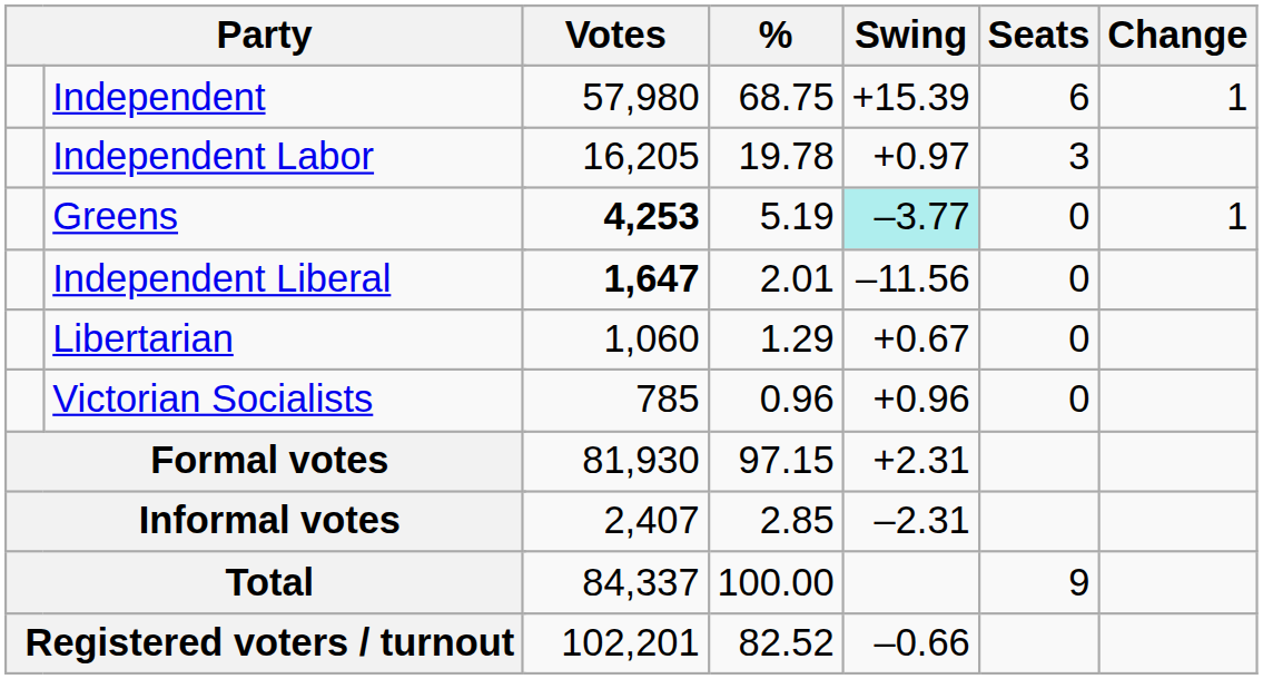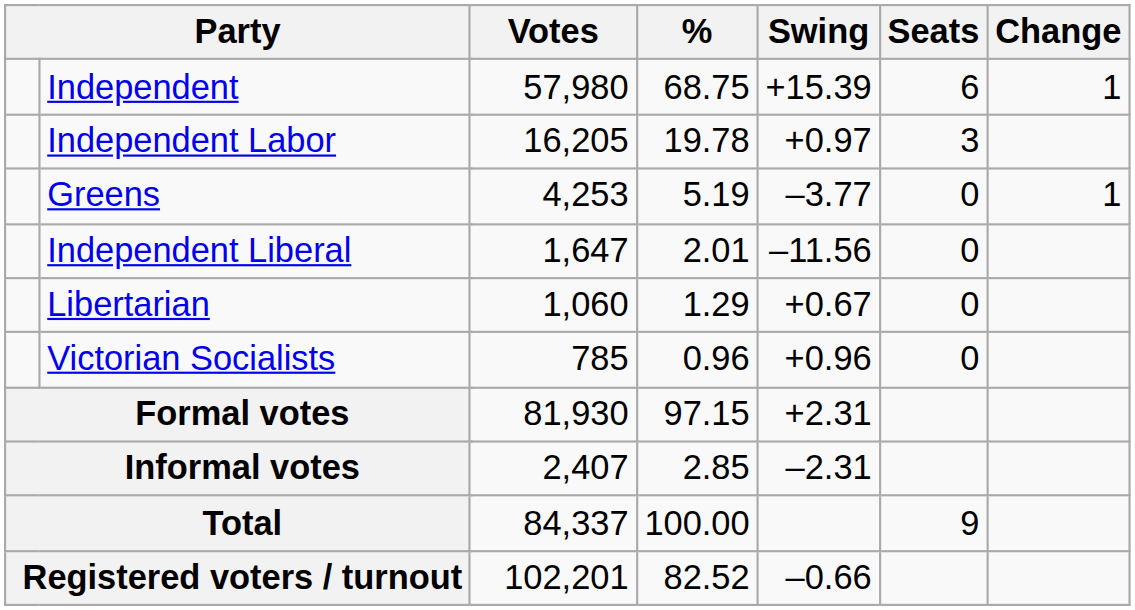 <table class="wikitable" style="text-align:right; margin-bottom:0">
 <tr>
 <th colspan="3" style="width:10px">Party</th>
 <th style="width:70px;">Votes</th>
 <th style="width:40px;">%</th>
 <th style="width:40px;">Swing</th>
 <th style="width:40px;">Seats</th>
 <th style="width:40px;">Change</th>
 </tr>
 <tr>
 <td> </td>
 <td colspan="2" style="text-align:left;"><a href='#'>Independent</a></td>
 <td style="width:70px;">57,980</td>
 <td style="width:40px;">68.75</td>
 <td style="width:45px;">+15.39</td>
 <td style="width:40px;">6</td>
 <td style="width:40px;"> 1</td>
 </tr>
 <tr>
 <td> </td>
 <td colspan="2" style="text-align:left;"><a href='#'>Independent Labor</a></td>
 <td>16,205</td>
 <td>19.78</td>
 <td>+0.97</td>
 <td>3</td>
 <td></td>
 </tr>
 <tr>
 <td> </td>
 <td colspan="2" style="text-align:left;"><a href='#'>Greens</a></td>
-<td><strong>4,253</strong></td>
+<td>4,253</td>
 <td>5.19</td>
-<td style="background: paleturquoise;">–3.77</td>
+<td>–3.77</td>
 <td>0</td>
 <td> 1</td>
 </tr>
 <tr>
 <td> </td>
 <td colspan="2" style="text-align:left;"><a href='#'>Independent Liberal</a></td>
-<td><strong>1,647</strong></td>
+<td>1,647</td>
 <td>2.01</td>
 <td>–11.56</td>
 <td>0</td>
 <td></td>
 </tr>
 <tr>
 <td> </td>
 <td colspan="2" style="text-align:left;"><a href='#'>Libertarian</a></td>
 <td>1,060</td>
 <td>1.29</td>
 <td>+0.67</td>
 <td>0</td>
 <td></td>
 </tr>
 <tr>
 <td> </td>
 <td colspan="2" style="text-align:left;"><a href='#'>Victorian Socialists</a></td>
 <td>785</td>
 <td>0.96</td>
 <td>+0.96</td>
 <td>0</td>
 <td></td>
 </tr>
 <tr>
 <th colspan="3" rowspan="1"> Formal votes</th>
 <td>81,930</td>
 <td>97.15</td>
 <td>+2.31</td>
 <td></td>
 <td></td>
 </tr>
 <tr>
 <th colspan="3" rowspan="1"> Informal votes</th>
 <td>2,407</td>
 <td>2.85</td>
 <td>–2.31</td>
 <td></td>
 <td></td>
 </tr>
 <tr>
 <th colspan="3" rowspan="1"> Total</th>
 <td>84,337</td>
 <td>100.00</td>
 <td></td>
 <td>9</td>
 <td></td>
 </tr>
 <tr>
 <th colspan="3" rowspan="1"> Registered voters / turnout</th>
 <td>102,201</td>
 <td>82.52</td>
 <td>–0.66</td>
 <td></td>
 <td></td>
 </tr>
 </table>
